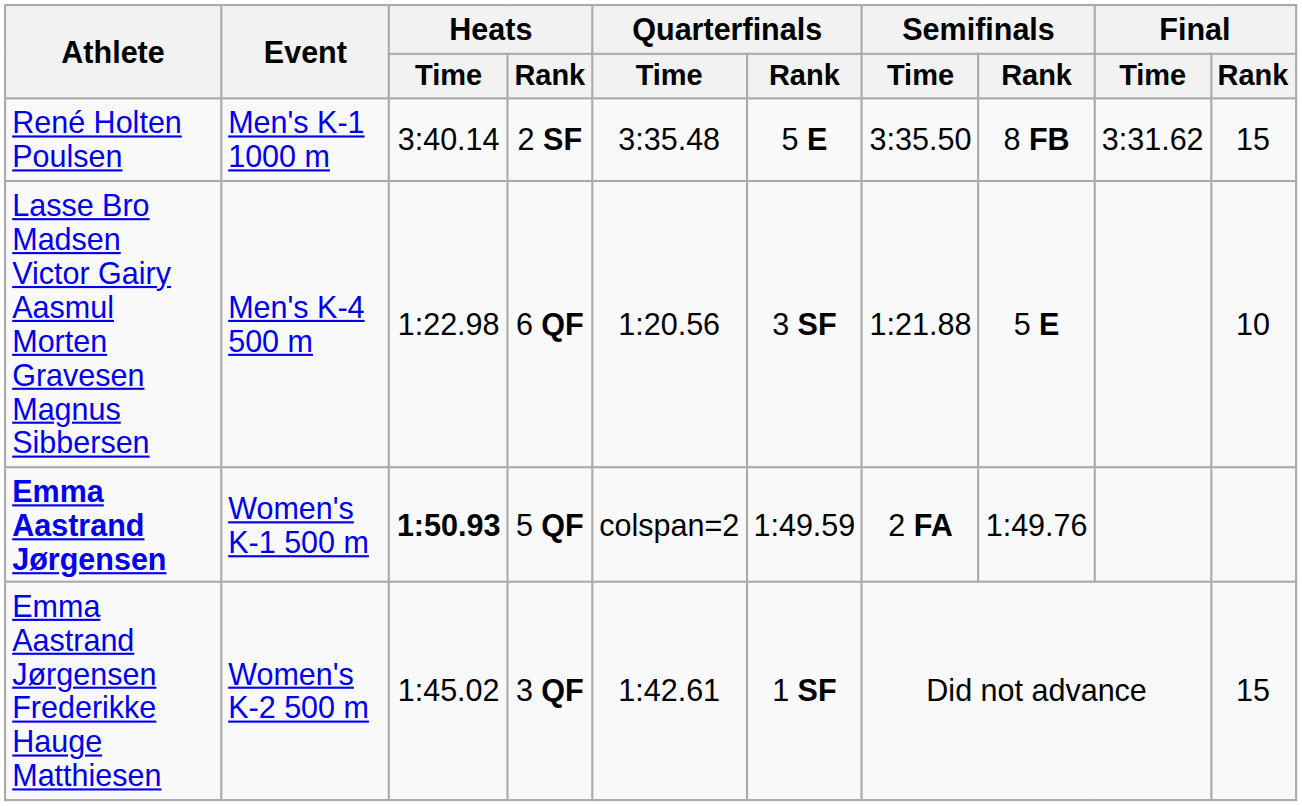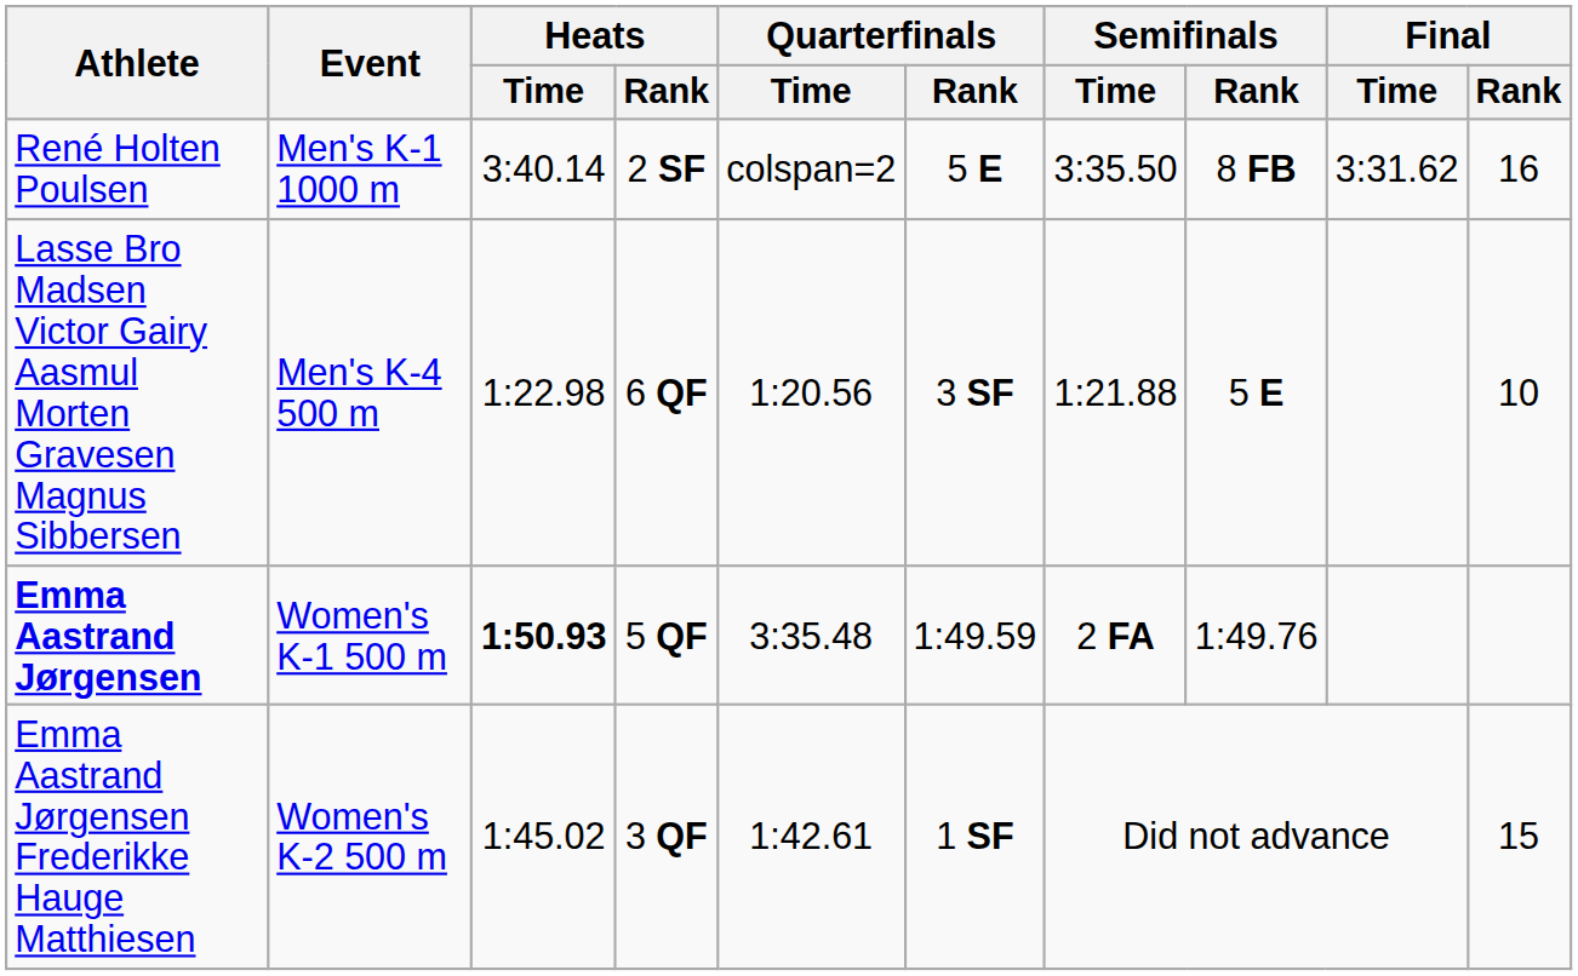 <table class=wikitable style="font-size:90%">
 <tr>
 <th rowspan="2">Athlete</th>
 <th rowspan="2">Event</th>
 <th colspan=2>Heats</th>
 <th colspan=2>Quarterfinals</th>
 <th colspan=2>Semifinals</th>
 <th colspan=2>Final</th>
 </tr>
 <tr style="font-size:95%">
 <th>Time</th>
 <th>Rank</th>
 <th>Time</th>
 <th>Rank</th>
 <th>Time</th>
 <th>Rank</th>
 <th>Time</th>
 <th>Rank</th>
 </tr>
 <tr align=center>
 <td align=left><a href='#'>René Holten Poulsen</a></td>
 <td align=left><a href='#'>Men's K-1 1000 m</a></td>
 <td>3:40.14</td>
 <td>2 <strong>SF</strong></td>
-<td>3:35.48</td>
+<td>colspan=2</td>
 <td>5 <strong>E</strong></td>
 <td>3:35.50</td>
 <td>8 <strong>FB</strong></td>
 <td>3:31.62</td>
-<td>15</td>
+<td>16</td>
 </tr>
 <tr align=center>
 <td align=left><a href='#'>Lasse Bro Madsen</a><br><a href='#'>Victor Gairy Aasmul</a><br><a href='#'>Morten Gravesen</a><br><a href='#'>Magnus Sibbersen</a></td>
 <td align=left><a href='#'>Men's K-4 500 m</a></td>
 <td>1:22.98</td>
 <td>6 <strong>QF</strong></td>
 <td>1:20.56</td>
 <td>3 <strong>SF</strong></td>
 <td>1:21.88</td>
 <td>5 <strong>E</strong></td>
 <td></td>
 <td>10</td>
 </tr>
 <tr align=center>
 <td align=left><strong><a href='#'>Emma Aastrand Jørgensen</a></strong></td>
 <td align=left><a href='#'>Women's K-1 500 m</a></td>
 <td><strong>1:50.93</strong></td>
 <td>5 <strong>QF</strong></td>
-<td>colspan=2</td>
+<td>3:35.48</td>
 <td>1:49.59</td>
 <td>2 <strong>FA</strong></td>
 <td>1:49.76</td>
 <td></td>
 </tr>
 <tr align=center>
 <td align=left><a href='#'>Emma Aastrand Jørgensen</a><br><a href='#'>Frederikke Hauge Matthiesen</a></td>
 <td align=left><a href='#'>Women's K-2 500 m</a></td>
 <td>1:45.02</td>
 <td>3 <strong>QF</strong></td>
 <td>1:42.61</td>
 <td>1 <strong>SF</strong></td>
 <td colspan=3>Did not advance</td>
 <td>15</td>
 </tr>
 </table>
